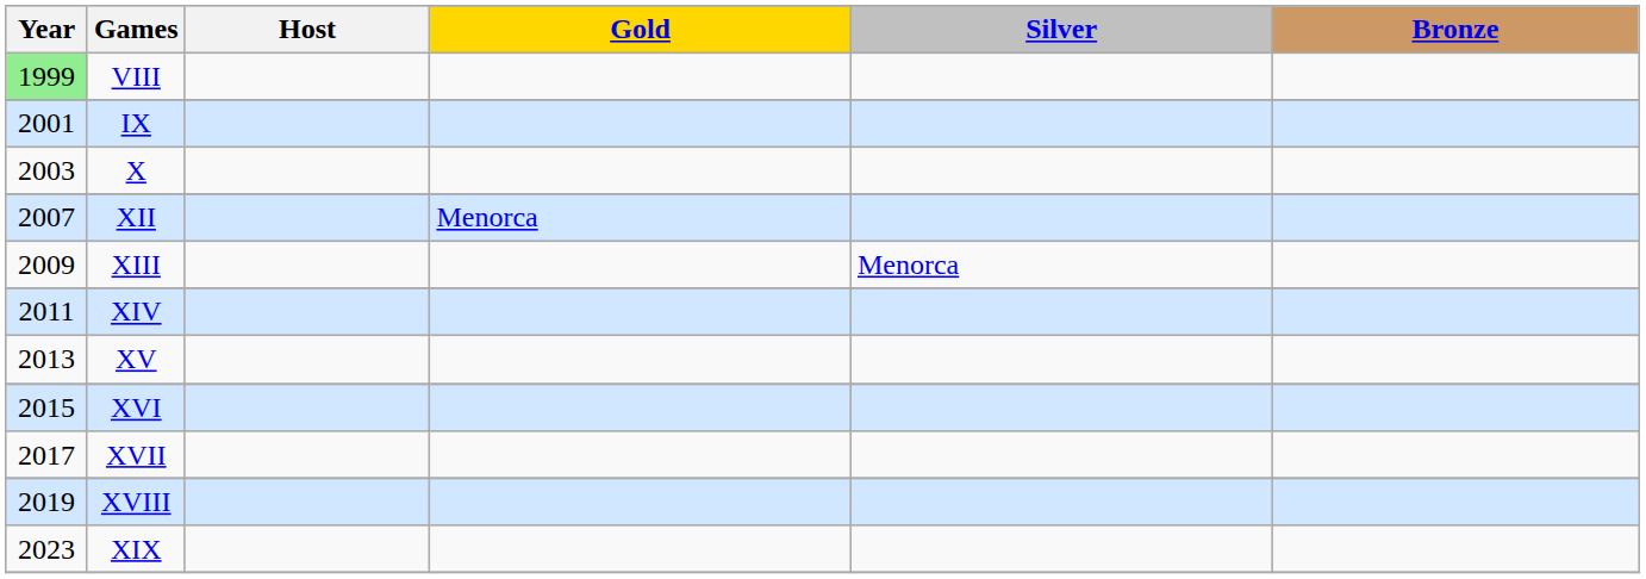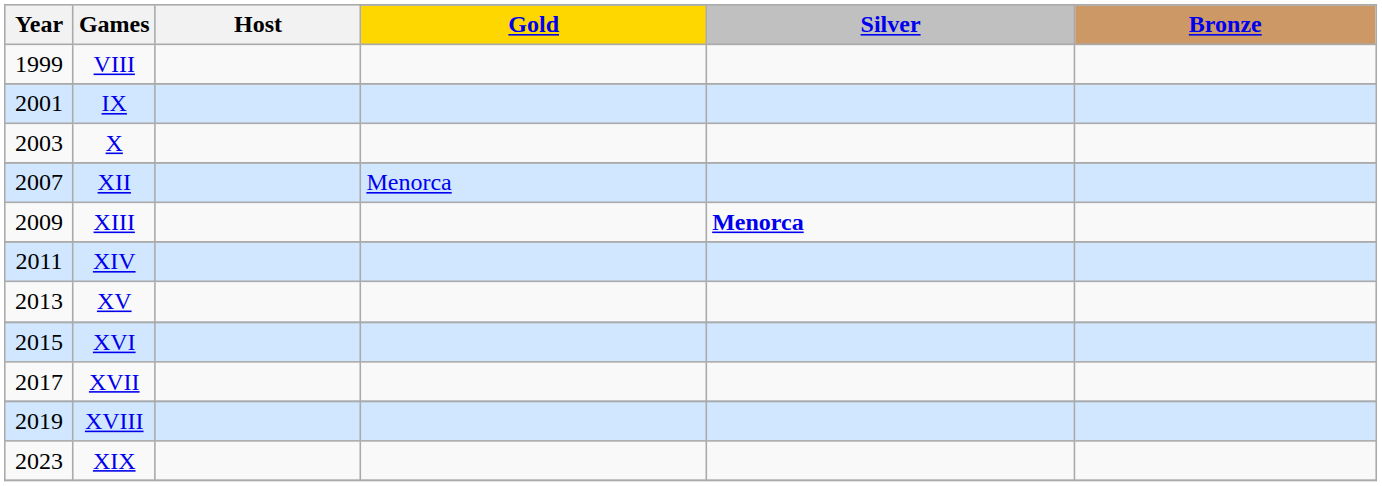 <table class="wikitable" style="text-align: center; font-size:95%;">
 <tr>
 <th rowspan="2" style="width:5%;">Year</th>
 <th rowspan="2" style="width:5%;">Games</th>
 <th rowspan="2" style="width:15%;">Host</th>
 </tr>
 <tr>
 <th style="background-color: gold"><a href='#'>Gold</a></th>
 <th style="background-color: silver"><a href='#'>Silver</a></th>
 <th style="background-color: #CC9966"><a href='#'>Bronze</a></th>
 </tr>
 <tr>
-<td style="background: lightgreen;">1999</td>
+<td>1999</td>
 <td align=center><a href='#'>VIII</a></td>
 <td align="left"></td>
 <td align="left"> </td>
 <td align="left"></td>
 <td align="left"></td>
 </tr>
 <tr>
 </tr>
 <tr style="text-align:center; background:#d0e7ff;">
 <td>2001</td>
 <td align=center><a href='#'>IX</a></td>
 <td align="left"></td>
 <td align="left"></td>
 <td align="left"></td>
 <td align="left"></td>
 </tr>
 <tr>
 <td>2003</td>
 <td align=center><a href='#'>X</a></td>
 <td align="left"></td>
 <td align="left"></td>
 <td align="left"></td>
 <td align="left"></td>
 </tr>
 <tr>
 </tr>
 <tr style="text-align:center; background:#d0e7ff;">
 <td>2007</td>
 <td align=center><a href='#'>XII</a></td>
 <td align="left"></td>
 <td align="left"> <a href='#'>Menorca</a></td>
 <td align="left"></td>
 <td align="left"></td>
 </tr>
 <tr>
 <td>2009</td>
 <td align=center><a href='#'>XIII</a></td>
 <td align="left"></td>
 <td align="left"></td>
-<td align="left"> <a href='#'>Menorca</a></td>
+<td align="left"><strong> <a href='#'>Menorca</a></strong></td>
 <td align="left"></td>
 </tr>
 <tr>
 </tr>
 <tr style="text-align:center; background:#d0e7ff;">
 <td>2011</td>
 <td align=center><a href='#'>XIV</a></td>
 <td align="left"></td>
 <td align="left"></td>
 <td align="left"></td>
 <td align="left"></td>
 </tr>
 <tr>
 <td>2013</td>
 <td align=center><a href='#'>XV</a></td>
 <td align="left"></td>
 <td align="left"></td>
 <td align="left"></td>
 <td></td>
 </tr>
 <tr>
 </tr>
 <tr style="text-align:center; background:#d0e7ff;">
 <td>2015</td>
 <td align=center><a href='#'>XVI</a></td>
 <td align="left"></td>
 <td align="left"></td>
 <td align="left"></td>
 <td align="left"></td>
 </tr>
 <tr>
 <td>2017</td>
 <td align=center><a href='#'>XVII</a></td>
 <td align="left"></td>
 <td align="left"></td>
 <td align="left"></td>
 <td align="left"></td>
 </tr>
 <tr>
 </tr>
 <tr style="text-align:center; background:#d0e7ff;">
 <td>2019</td>
 <td align=center><a href='#'>XVIII</a></td>
 <td align="left"></td>
 <td align="left"></td>
 <td align="left"></td>
 <td align="left"></td>
 </tr>
 <tr>
 <td>2023</td>
 <td align=center><a href='#'>XIX</a></td>
 <td align="left"></td>
 <td align="left"></td>
 <td align="left"></td>
 <td align="left"></td>
 </tr>
 <tr>
 </tr>
 </table>
